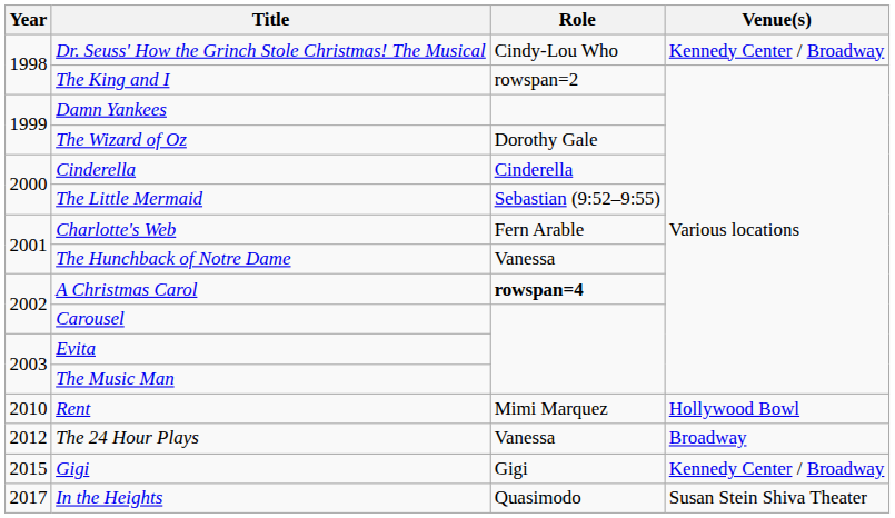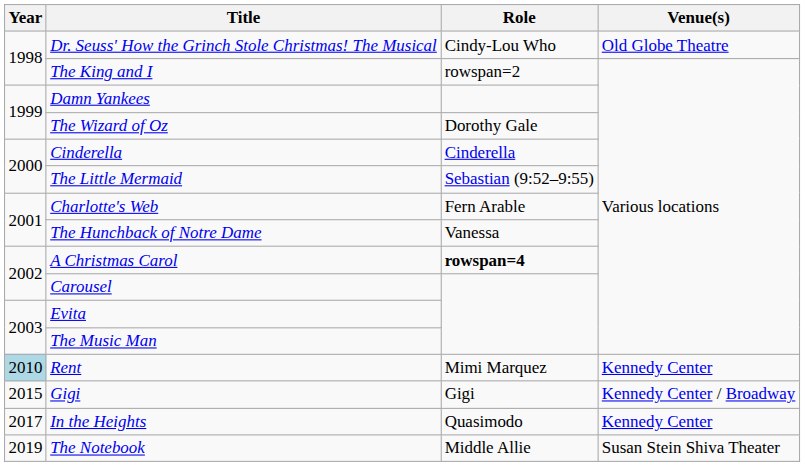 <table class="wikitable">
 <tr>
 <th>Year</th>
 <th>Title</th>
 <th>Role</th>
 <th>Venue(s)</th>
 </tr>
 <tr>
 <td rowspan="2">1998</td>
 <td><em><a href='#'>Dr. Seuss' How the Grinch Stole Christmas! The Musical</a></em></td>
 <td>Cindy-Lou Who</td>
-<td><a href='#'>Kennedy Center</a> / <a href='#'>Broadway</a></td>
+<td><a href='#'>Old Globe Theatre</a></td>
 </tr>
 <tr>
 <td><em><a href='#'>The King and I</a></em></td>
 <td>rowspan=2 </td>
 <td rowspan=11>Various locations</td>
 </tr>
 <tr>
 <td rowspan="2">1999</td>
 <td><em><a href='#'>Damn Yankees</a></em></td>
 </tr>
 <tr>
 <td><em><a href='#'>The Wizard of Oz</a></em></td>
 <td>Dorothy Gale</td>
 </tr>
 <tr>
 <td rowspan="2">2000</td>
 <td><em><a href='#'>Cinderella</a></em></td>
 <td><a href='#'>Cinderella</a></td>
 </tr>
 <tr>
 <td><em><a href='#'>The Little Mermaid</a></em></td>
 <td><a href='#'>Sebastian</a> (9:52–9:55)</td>
 </tr>
 <tr>
 <td rowspan="2">2001</td>
 <td><em><a href='#'>Charlotte's Web</a></em></td>
 <td>Fern Arable</td>
 </tr>
 <tr>
 <td><em><a href='#'>The Hunchback of Notre Dame</a></em></td>
 <td>Vanessa</td>
 </tr>
 <tr>
 <td rowspan="2">2002</td>
 <td><em><a href='#'>A Christmas Carol</a></em></td>
 <td><strong>rowspan=4 </strong></td>
 </tr>
 <tr>
 <td><em><a href='#'>Carousel</a></em></td>
 </tr>
 <tr>
 <td rowspan="2">2003</td>
 <td><em><a href='#'>Evita</a></em></td>
 </tr>
 <tr>
 <td><em><a href='#'>The Music Man</a></em></td>
 </tr>
 <tr>
-<td>2010</td>
+<td style="background: lightblue;">2010</td>
 <td><em><a href='#'>Rent</a></em></td>
 <td>Mimi Marquez</td>
-<td><a href='#'>Hollywood Bowl</a></td>
-</tr>
-<tr>
-<td>2012</td>
-<td><em>The 24 Hour Plays</em></td>
-<td>Vanessa</td>
-<td><a href='#'>Broadway</a></td>
+<td><a href='#'>Kennedy Center</a></td>
 </tr>
 <tr>
 <td>2015</td>
 <td><em><a href='#'>Gigi</a></em></td>
 <td>Gigi</td>
 <td><a href='#'>Kennedy Center</a> / <a href='#'>Broadway</a></td>
 </tr>
 <tr>
 <td>2017</td>
 <td><em><a href='#'>In the Heights</a></em></td>
 <td>Quasimodo</td>
+<td><a href='#'>Kennedy Center</a></td>
+</tr>
+<tr>
+<td>2019</td>
+<td><em><a href='#'>The Notebook</a></em></td>
+<td>Middle Allie</td>
 <td>Susan Stein Shiva Theater</td>
 </tr>
 </table>
